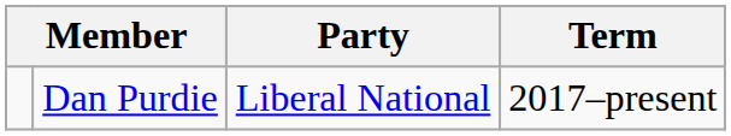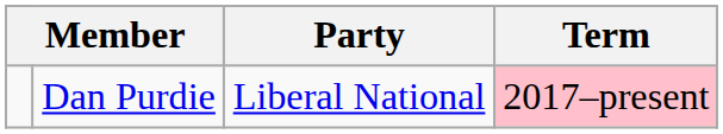 <table class="wikitable">
 <tr>
 <th colspan="2">Member</th>
 <th>Party</th>
 <th>Term</th>
 </tr>
 <tr>
 <td> </td>
 <td><a href='#'>Dan Purdie</a></td>
 <td><a href='#'>Liberal National</a></td>
-<td>2017–present</td>
+<td style="background: pink;">2017–present</td>
 </tr>
 </table>
